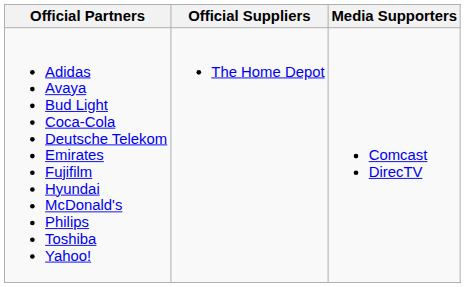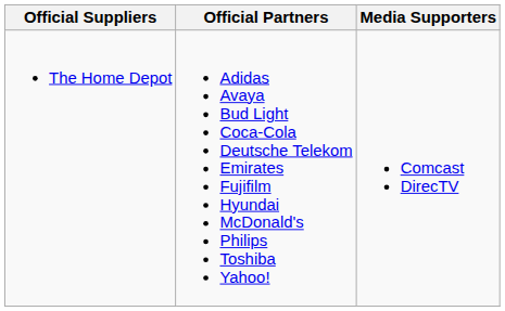 <table class="wikitable sortable">
 <tr>
+<th>Official Suppliers</th>
 <th>Official Partners</th>
-<th>Official Suppliers</th>
 <th>Media Supporters</th>
 </tr>
 <tr>
+<td style="vertical-align:top;"><br><ul><li><a href='#'>The Home Depot</a></li></ul></td>
 <td style="vertical-align:top"><br><ul><li><a href='#'>Adidas</a></li><li><a href='#'>Avaya</a></li><li><a href='#'>Bud Light</a></li><li><a href='#'>Coca-Cola</a></li><li><a href='#'>Deutsche Telekom</a></li><li><a href='#'>Emirates</a></li><li><a href='#'>Fujifilm</a></li><li><a href='#'>Hyundai</a></li><li><a href='#'>McDonald's</a></li><li><a href='#'>Philips</a></li><li><a href='#'>Toshiba</a></li><li><a href='#'>Yahoo!</a></li></ul></td>
-<td style="vertical-align:top;"><br><ul><li><a href='#'>The Home Depot</a></li></ul></td>
 <td><br><ul><li><a href='#'>Comcast</a></li><li><a href='#'>DirecTV</a></li></ul></td>
 </tr>
 </table>
